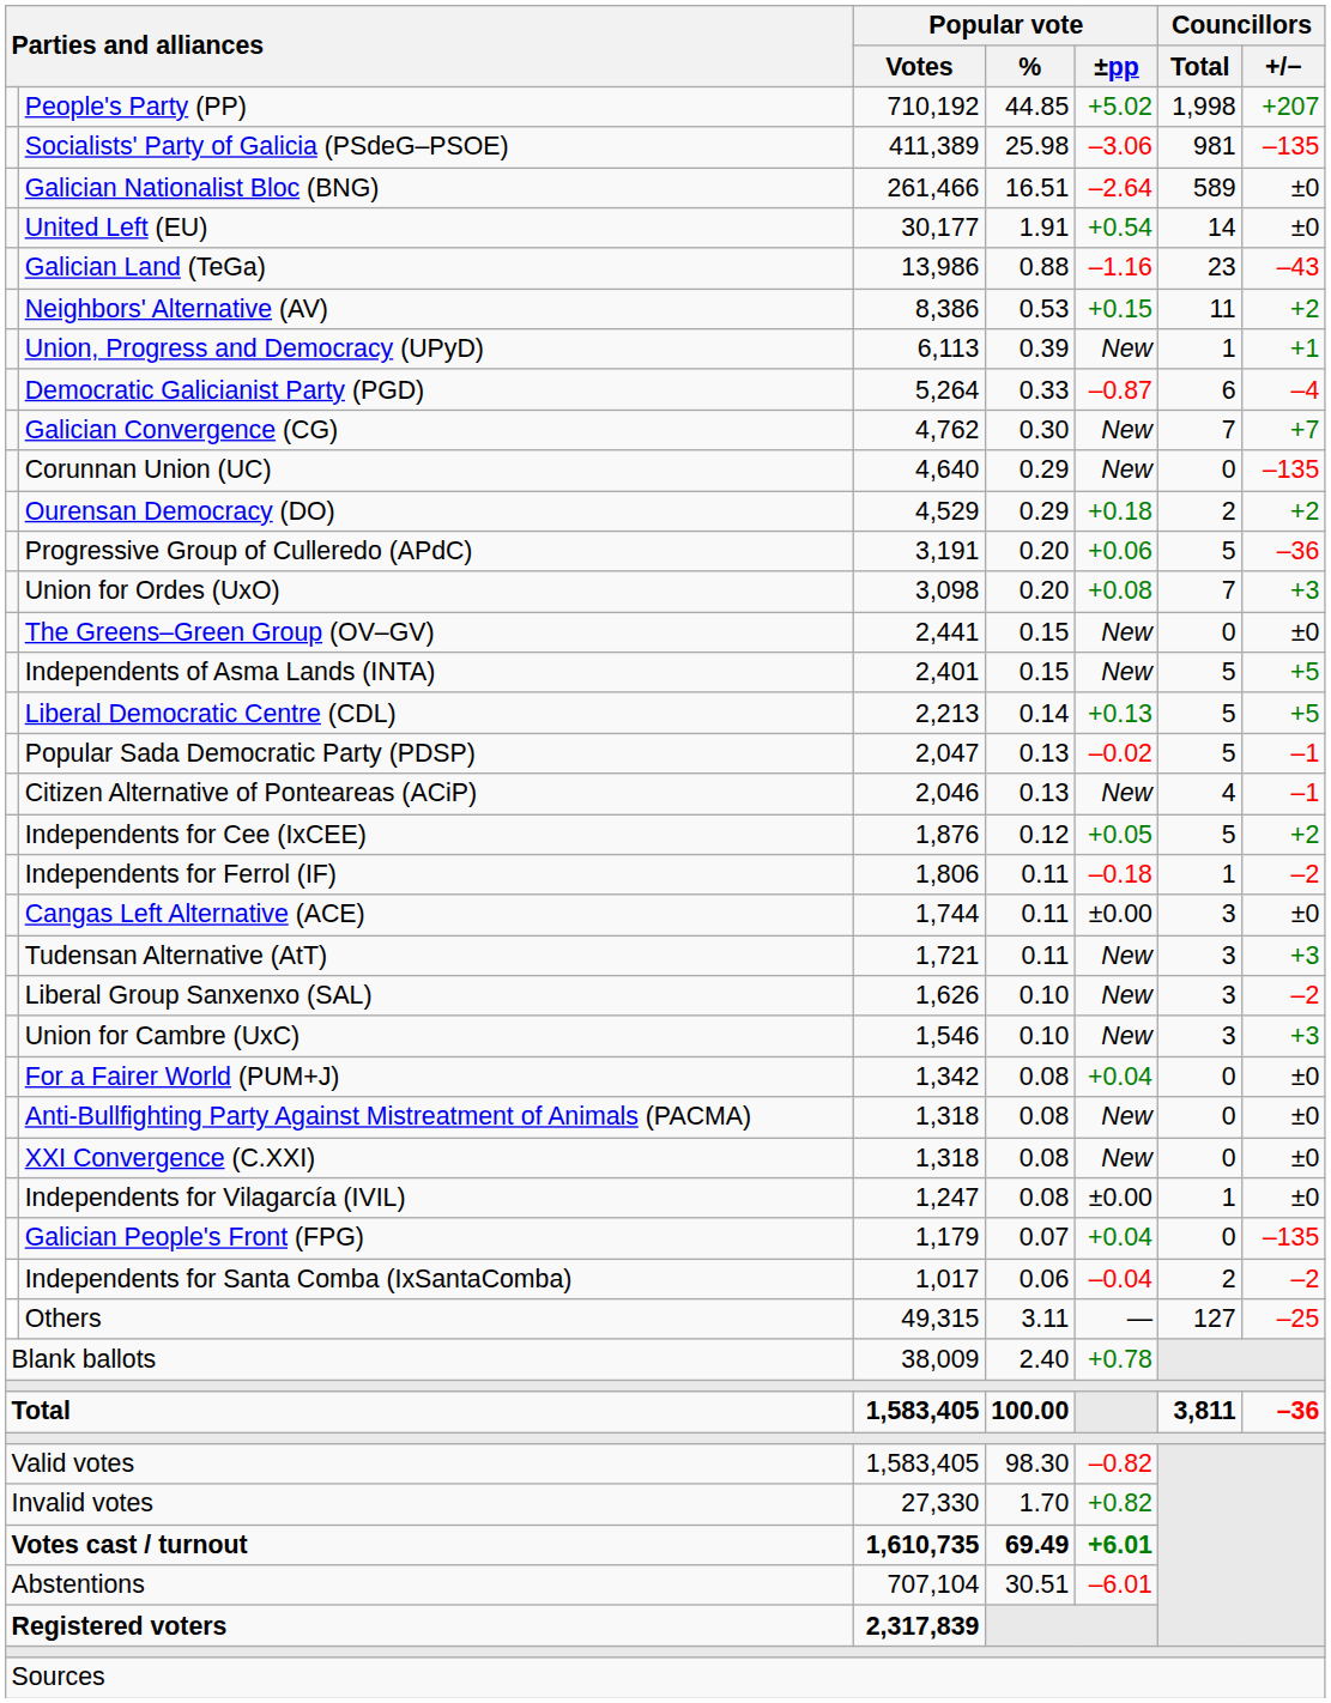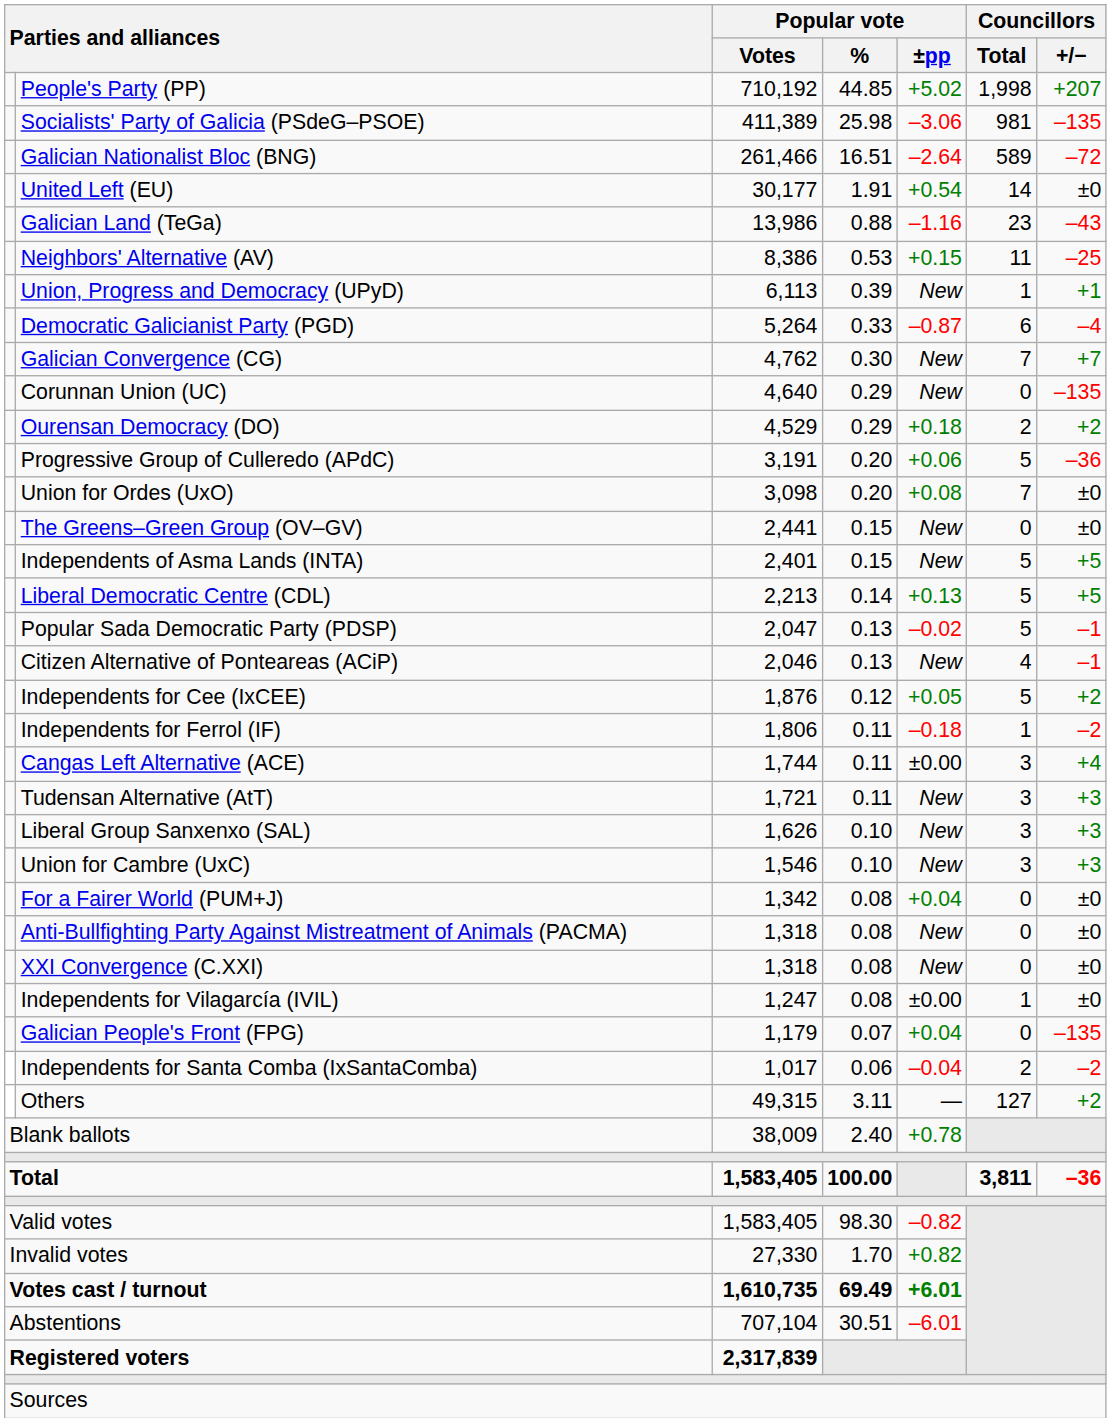 <table class="wikitable" style="text-align:right;">
 <tr>
 <th style="text-align:left;" rowspan="2" colspan="2" width="525">Parties and alliances</th>
 <th colspan="3">Popular vote</th>
 <th colspan="2">Councillors</th>
 </tr>
 <tr>
 <th width="75">Votes</th>
 <th width="45">%</th>
 <th width="45">±<a href='#'>pp</a></th>
 <th width="45">Total</th>
 <th width="45">+/−</th>
 </tr>
 <tr>
 <td width="1" style="color:inherit;background:"></td>
 <td align="left"><a href='#'>People's Party</a> (PP)</td>
 <td>710,192</td>
 <td>44.85</td>
 <td style="color:green;">+5.02</td>
 <td>1,998</td>
 <td style="color:green;">+207</td>
 </tr>
 <tr>
 <td style="color:inherit;background:"></td>
 <td align="left"><a href='#'>Socialists' Party of Galicia</a> (PSdeG–PSOE)</td>
 <td>411,389</td>
 <td>25.98</td>
 <td style="color:red;">–3.06</td>
 <td>981</td>
 <td style="color:red;">–135</td>
 </tr>
 <tr>
 <td style="color:inherit;background:"></td>
 <td align="left"><a href='#'>Galician Nationalist Bloc</a> (BNG)</td>
 <td>261,466</td>
 <td>16.51</td>
 <td style="color:red;">–2.64</td>
 <td>589</td>
-<td>±0</td>
+<td style="color:red;">–72</td>
 </tr>
 <tr>
 <td style="color:inherit;background:"></td>
 <td align="left"><a href='#'>United Left</a> (EU)</td>
 <td>30,177</td>
 <td>1.91</td>
 <td style="color:green;">+0.54</td>
 <td>14</td>
 <td>±0</td>
 </tr>
 <tr>
 <td style="color:inherit;background:"></td>
 <td align="left"><a href='#'>Galician Land</a> (TeGa)</td>
 <td>13,986</td>
 <td>0.88</td>
 <td style="color:red;">–1.16</td>
 <td>23</td>
 <td style="color:red;">–43</td>
 </tr>
 <tr>
 <td style="color:inherit;background:"></td>
 <td align="left"><a href='#'>Neighbors' Alternative</a> (AV)</td>
 <td>8,386</td>
 <td>0.53</td>
 <td style="color:green;">+0.15</td>
 <td>11</td>
-<td style="color:green;">+2</td>
+<td style="color:red;">–25</td>
 </tr>
 <tr>
 <td style="color:inherit;background:"></td>
 <td align="left"><a href='#'>Union, Progress and Democracy</a> (UPyD)</td>
 <td>6,113</td>
 <td>0.39</td>
 <td><em>New</em></td>
 <td>1</td>
 <td style="color:green;">+1</td>
 </tr>
 <tr>
 <td style="color:inherit;background:"></td>
 <td align="left"><a href='#'>Democratic Galicianist Party</a> (PGD)</td>
 <td>5,264</td>
 <td>0.33</td>
 <td style="color:red;">–0.87</td>
 <td>6</td>
 <td style="color:red;">–4</td>
 </tr>
 <tr>
 <td style="color:inherit;background:"></td>
 <td align="left"><a href='#'>Galician Convergence</a> (CG)</td>
 <td>4,762</td>
 <td>0.30</td>
 <td><em>New</em></td>
 <td>7</td>
 <td style="color:green;">+7</td>
 </tr>
 <tr>
 <td style="color:inherit;background:"></td>
 <td align="left">Corunnan Union (UC)</td>
 <td>4,640</td>
 <td>0.29</td>
 <td><em>New</em></td>
 <td>0</td>
 <td style="color:red;">–135</td>
 </tr>
 <tr>
 <td style="color:inherit;background:"></td>
 <td align="left"><a href='#'>Ourensan Democracy</a> (DO)</td>
 <td>4,529</td>
 <td>0.29</td>
 <td style="color:green;">+0.18</td>
 <td>2</td>
 <td style="color:green;">+2</td>
 </tr>
 <tr>
 <td style="color:inherit;background:"></td>
 <td align="left">Progressive Group of Culleredo (APdC)</td>
 <td>3,191</td>
 <td>0.20</td>
 <td style="color:green;">+0.06</td>
 <td>5</td>
 <td style="color:red;">–36</td>
 </tr>
 <tr>
 <td style="color:inherit;background:"></td>
 <td align="left">Union for Ordes (UxO)</td>
 <td>3,098</td>
 <td>0.20</td>
 <td style="color:green;">+0.08</td>
 <td>7</td>
-<td style="color:green;">+3</td>
+<td>±0</td>
 </tr>
 <tr>
 <td style="color:inherit;background:"></td>
 <td align="left"><a href='#'>The Greens–Green Group</a> (OV–GV)</td>
 <td>2,441</td>
 <td>0.15</td>
 <td><em>New</em></td>
 <td>0</td>
 <td>±0</td>
 </tr>
 <tr>
 <td style="color:inherit;background:"></td>
 <td align="left">Independents of Asma Lands (INTA)</td>
 <td>2,401</td>
 <td>0.15</td>
 <td><em>New</em></td>
 <td>5</td>
 <td style="color:green;">+5</td>
 </tr>
 <tr>
 <td style="color:inherit;background:"></td>
 <td align="left"><a href='#'>Liberal Democratic Centre</a> (CDL)</td>
 <td>2,213</td>
 <td>0.14</td>
 <td style="color:green;">+0.13</td>
 <td>5</td>
 <td style="color:green;">+5</td>
 </tr>
 <tr>
 <td style="color:inherit;background:"></td>
 <td align="left">Popular Sada Democratic Party (PDSP)</td>
 <td>2,047</td>
 <td>0.13</td>
 <td style="color:red;">–0.02</td>
 <td>5</td>
 <td style="color:red;">–1</td>
 </tr>
 <tr>
 <td style="color:inherit;background:"></td>
 <td align="left">Citizen Alternative of Ponteareas (ACiP)</td>
 <td>2,046</td>
 <td>0.13</td>
 <td><em>New</em></td>
 <td>4</td>
 <td style="color:red;">–1</td>
 </tr>
 <tr>
 <td style="color:inherit;background:"></td>
 <td align="left">Independents for Cee (IxCEE)</td>
 <td>1,876</td>
 <td>0.12</td>
 <td style="color:green;">+0.05</td>
 <td>5</td>
 <td style="color:green;">+2</td>
 </tr>
 <tr>
 <td style="color:inherit;background:"></td>
 <td align="left">Independents for Ferrol (IF)</td>
 <td>1,806</td>
 <td>0.11</td>
 <td style="color:red;">–0.18</td>
 <td>1</td>
 <td style="color:red;">–2</td>
 </tr>
 <tr>
 <td style="color:inherit;background:"></td>
 <td align="left"><a href='#'>Cangas Left Alternative</a> (ACE)</td>
 <td>1,744</td>
 <td>0.11</td>
 <td>±0.00</td>
 <td>3</td>
-<td>±0</td>
+<td style="color:green;">+4</td>
 </tr>
 <tr>
 <td style="color:inherit;background:"></td>
 <td align="left">Tudensan Alternative (AtT)</td>
 <td>1,721</td>
 <td>0.11</td>
 <td><em>New</em></td>
 <td>3</td>
 <td style="color:green;">+3</td>
 </tr>
 <tr>
 <td style="color:inherit;background:"></td>
 <td align="left">Liberal Group Sanxenxo (SAL)</td>
 <td>1,626</td>
 <td>0.10</td>
 <td><em>New</em></td>
 <td>3</td>
-<td style="color:red;">–2</td>
+<td style="color:green;">+3</td>
 </tr>
 <tr>
 <td style="color:inherit;background:"></td>
 <td align="left">Union for Cambre (UxC)</td>
 <td>1,546</td>
 <td>0.10</td>
 <td><em>New</em></td>
 <td>3</td>
 <td style="color:green;">+3</td>
 </tr>
 <tr>
 <td style="color:inherit;background:"></td>
 <td align="left"><a href='#'>For a Fairer World</a> (PUM+J)</td>
 <td>1,342</td>
 <td>0.08</td>
 <td style="color:green;">+0.04</td>
 <td>0</td>
 <td>±0</td>
 </tr>
 <tr>
 <td style="color:inherit;background:"></td>
 <td align="left"><a href='#'>Anti-Bullfighting Party Against Mistreatment of Animals</a> (PACMA)</td>
 <td>1,318</td>
 <td>0.08</td>
 <td><em>New</em></td>
 <td>0</td>
 <td>±0</td>
 </tr>
 <tr>
 <td style="color:inherit;background:"></td>
 <td align="left"><a href='#'>XXI Convergence</a> (C.XXI)</td>
 <td>1,318</td>
 <td>0.08</td>
 <td><em>New</em></td>
 <td>0</td>
 <td>±0</td>
 </tr>
 <tr>
 <td style="color:inherit;background:"></td>
 <td align="left">Independents for Vilagarcía (IVIL)</td>
 <td>1,247</td>
 <td>0.08</td>
 <td>±0.00</td>
 <td>1</td>
 <td>±0</td>
 </tr>
 <tr>
 <td style="color:inherit;background:"></td>
 <td align="left"><a href='#'>Galician People's Front</a> (FPG)</td>
 <td>1,179</td>
 <td>0.07</td>
 <td style="color:green;">+0.04</td>
 <td>0</td>
 <td style="color:red;">–135</td>
 </tr>
 <tr>
 <td bgcolor="white"></td>
 <td align="left">Independents for Santa Comba (IxSantaComba)</td>
 <td>1,017</td>
 <td>0.06</td>
 <td style="color:red;">–0.04</td>
 <td>2</td>
 <td style="color:red;">–2</td>
 </tr>
 <tr>
 <td bgcolor="white"></td>
 <td align="left">Others</td>
 <td>49,315</td>
 <td>3.11</td>
 <td>—</td>
 <td>127</td>
-<td style="color:red;">–25</td>
+<td style="color:green;">+2</td>
 </tr>
 <tr>
 <td align="left" colspan="2">Blank ballots</td>
 <td>38,009</td>
 <td>2.40</td>
 <td style="color:green;">+0.78</td>
 <td bgcolor="#E9E9E9" colspan="2"></td>
 </tr>
 <tr>
 <td colspan="7" bgcolor="#E9E9E9"></td>
 </tr>
 <tr style="font-weight:bold;">
 <td align="left" colspan="2">Total</td>
 <td>1,583,405</td>
 <td>100.00</td>
 <td bgcolor="#E9E9E9"></td>
 <td>3,811</td>
 <td style="color:red;">–36</td>
 </tr>
 <tr>
 <td colspan="7" bgcolor="#E9E9E9"></td>
 </tr>
 <tr>
 <td align="left" colspan="2">Valid votes</td>
 <td>1,583,405</td>
 <td>98.30</td>
 <td style="color:red;">–0.82</td>
 <td bgcolor="#E9E9E9" colspan="2" rowspan="5"></td>
 </tr>
 <tr>
 <td align="left" colspan="2">Invalid votes</td>
 <td>27,330</td>
 <td>1.70</td>
 <td style="color:green;">+0.82</td>
 </tr>
 <tr style="font-weight:bold;">
 <td align="left" colspan="2">Votes cast / turnout</td>
 <td>1,610,735</td>
 <td>69.49</td>
 <td style="color:green;">+6.01</td>
 </tr>
 <tr>
 <td align="left" colspan="2">Abstentions</td>
 <td>707,104</td>
 <td>30.51</td>
 <td style="color:red;">–6.01</td>
 </tr>
 <tr style="font-weight:bold;">
 <td align="left" colspan="2">Registered voters</td>
 <td>2,317,839</td>
 <td bgcolor="#E9E9E9" colspan="2"></td>
 </tr>
 <tr>
 <td colspan="7" bgcolor="#E9E9E9"></td>
 </tr>
 <tr>
 <td align="left" colspan="7">Sources</td>
 </tr>
 </table>
